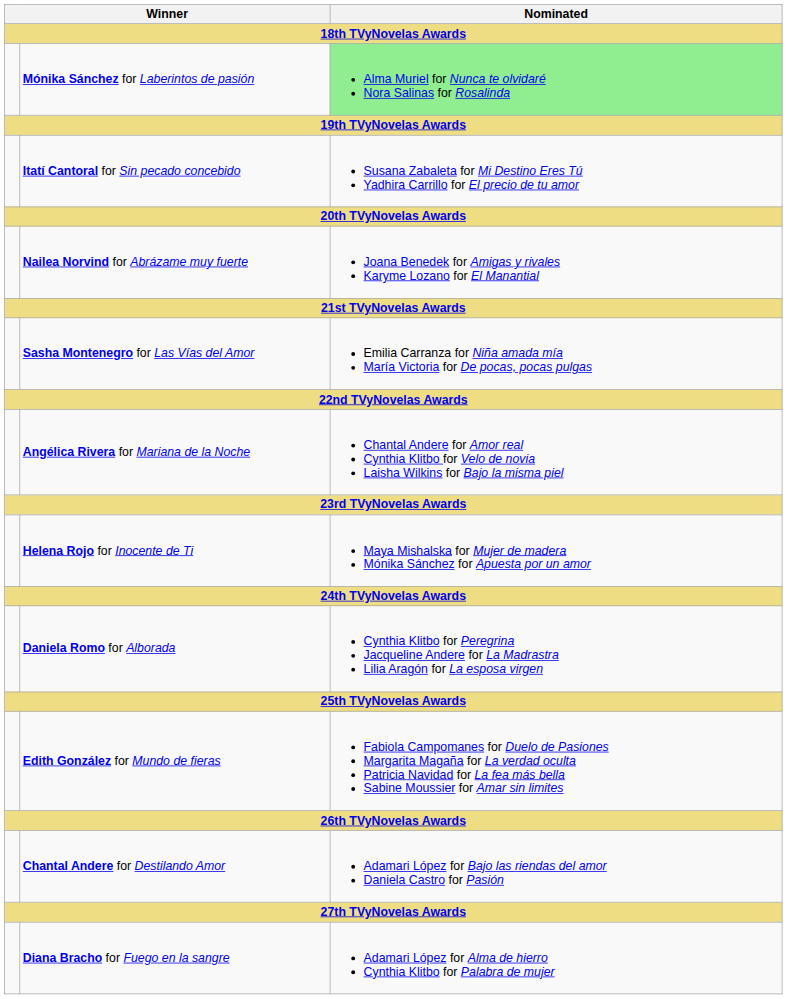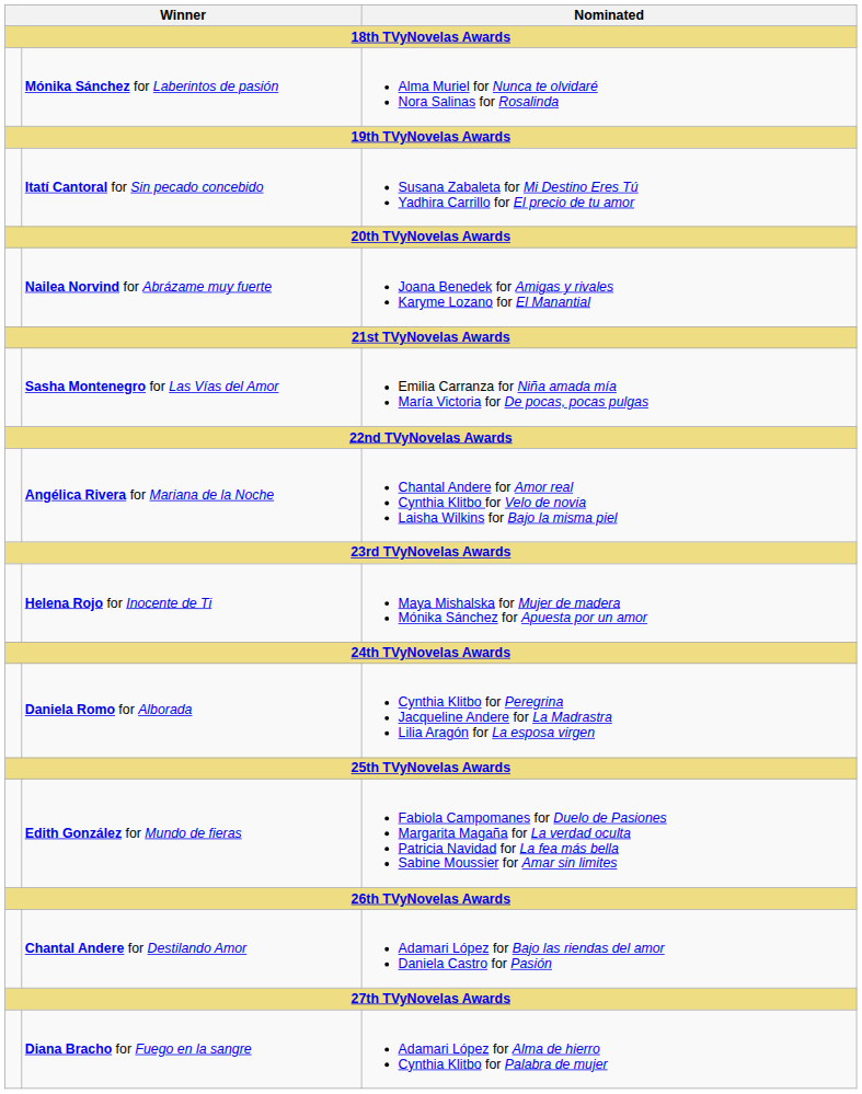 <table class="wikitable" width=80%>
 <tr align=center>
 <th width="150px;" colspan=2; align="center">Winner</th>
 <th width="580px;" align="center">Nominated</th>
 </tr>
 <tr>
 <th colspan=9 style="background:#EEDD82;"  align="center"><strong><a href='#'>18th TVyNovelas Awards</a></strong></th>
 </tr>
 <tr>
 <td width=2%></td>
 <td><strong><a href='#'>Mónika Sánchez</a></strong> for <em><a href='#'>Laberintos de pasión</a></em></td>
-<td style="background: lightgreen;"><br><ul><li><a href='#'>Alma Muriel</a> for <em><a href='#'>Nunca te olvidaré</a></em></li><li><a href='#'>Nora Salinas</a> for <em><a href='#'>Rosalinda</a></em></li></ul></td>
+<td><br><ul><li><a href='#'>Alma Muriel</a> for <em><a href='#'>Nunca te olvidaré</a></em></li><li><a href='#'>Nora Salinas</a> for <em><a href='#'>Rosalinda</a></em></li></ul></td>
 </tr>
 <tr>
 <th colspan=9 style="background:#EEDD82;"  align="center"><strong><a href='#'>19th TVyNovelas Awards</a></strong></th>
 </tr>
 <tr>
 <td width=2%></td>
 <td><strong><a href='#'>Itatí Cantoral</a></strong> for <em><a href='#'>Sin pecado concebido</a></em></td>
 <td><br><ul><li><a href='#'>Susana Zabaleta</a> for <em><a href='#'>Mi Destino Eres Tú</a></em></li><li><a href='#'>Yadhira Carrillo</a> for <em><a href='#'>El precio de tu amor</a></em></li></ul></td>
 </tr>
 <tr>
 <th colspan=9 style="background:#EEDD82;"  align="center"><strong><a href='#'>20th TVyNovelas Awards</a></strong></th>
 </tr>
 <tr>
 <td width=2%></td>
 <td><strong><a href='#'>Nailea Norvind</a></strong> for <em><a href='#'>Abrázame muy fuerte</a></em></td>
 <td><br><ul><li><a href='#'>Joana Benedek</a> for <em><a href='#'>Amigas y rivales</a></em></li><li><a href='#'>Karyme Lozano</a> for <em><a href='#'>El Manantial</a></em></li></ul></td>
 </tr>
 <tr>
 <th colspan=9 style="background:#EEDD82;"  align="center"><strong><a href='#'>21st TVyNovelas Awards</a></strong></th>
 </tr>
 <tr>
 <td width=2%></td>
 <td><strong><a href='#'>Sasha Montenegro</a></strong> for <em><a href='#'>Las Vías del Amor</a></em></td>
 <td><br><ul><li>Emilia Carranza for <em><a href='#'>Niña amada mía</a></em></li><li><a href='#'>María Victoria</a> for <em><a href='#'>De pocas, pocas pulgas</a></em></li></ul></td>
 </tr>
 <tr>
 <th colspan=9 style="background:#EEDD82;"  align="center"><strong><a href='#'>22nd TVyNovelas Awards</a></strong></th>
 </tr>
 <tr>
 <td width=2%></td>
 <td><strong><a href='#'>Angélica Rivera</a></strong> for <em><a href='#'>Mariana de la Noche</a></em></td>
 <td><br><ul><li><a href='#'>Chantal Andere</a> for <em><a href='#'>Amor real</a></em></li><li><a href='#'>Cynthia Klitbo </a> for <em><a href='#'>Velo de novia</a></em></li><li><a href='#'>Laisha Wilkins</a> for <em><a href='#'>Bajo la misma piel</a></em></li></ul></td>
 </tr>
 <tr>
 <th colspan=9 style="background:#EEDD82;"  align="center"><strong><a href='#'>23rd TVyNovelas Awards</a></strong></th>
 </tr>
 <tr>
 <td width=2%></td>
 <td><strong><a href='#'>Helena Rojo</a></strong> for <em><a href='#'>Inocente de Ti</a></em></td>
 <td><br><ul><li><a href='#'>Maya Mishalska</a> for <em><a href='#'>Mujer de madera</a></em></li><li><a href='#'>Mónika Sánchez</a> for <em><a href='#'>Apuesta por un amor</a></em></li></ul></td>
 </tr>
 <tr>
 <th colspan=9 style="background:#EEDD82;"  align="center"><strong><a href='#'>24th TVyNovelas Awards</a></strong></th>
 </tr>
 <tr>
 <td width=2%></td>
 <td><strong><a href='#'>Daniela Romo</a></strong> for <em><a href='#'>Alborada</a></em></td>
 <td><br><ul><li><a href='#'>Cynthia Klitbo</a> for <em><a href='#'>Peregrina</a></em></li><li><a href='#'>Jacqueline Andere</a> for <em><a href='#'>La Madrastra</a></em></li><li><a href='#'>Lilia Aragón</a> for <em><a href='#'>La esposa virgen</a></em></li></ul></td>
 </tr>
 <tr>
 <th colspan=9 style="background:#EEDD82;"  align="center"><strong><a href='#'>25th TVyNovelas Awards</a></strong></th>
 </tr>
 <tr>
 <td width=2%></td>
 <td><strong><a href='#'>Edith González</a></strong> for <em><a href='#'>Mundo de fieras</a></em></td>
 <td><br><ul><li><a href='#'>Fabiola Campomanes</a> for <em><a href='#'>Duelo de Pasiones</a></em></li><li><a href='#'>Margarita Magaña</a> for <em><a href='#'>La verdad oculta</a></em></li><li><a href='#'>Patricia Navidad</a> for <em><a href='#'>La fea más bella</a></em></li><li><a href='#'>Sabine Moussier</a> for <em><a href='#'>Amar sin limites</a></em></li></ul></td>
 </tr>
 <tr>
 <th colspan=9 style="background:#EEDD82;"  align="center"><strong><a href='#'>26th TVyNovelas Awards</a></strong></th>
 </tr>
 <tr>
 <td width=2%></td>
 <td><strong><a href='#'>Chantal Andere</a></strong> for <em><a href='#'>Destilando Amor</a></em></td>
 <td><br><ul><li><a href='#'>Adamari López</a> for <em><a href='#'>Bajo las riendas del amor</a></em></li><li><a href='#'>Daniela Castro</a> for <em><a href='#'>Pasión</a></em></li></ul></td>
 </tr>
 <tr>
 <th colspan=9 style="background:#EEDD82;"  align="center"><strong><a href='#'>27th TVyNovelas Awards</a></strong></th>
 </tr>
 <tr>
 <td width=2%></td>
 <td><strong><a href='#'>Diana Bracho</a></strong> for <em><a href='#'>Fuego en la sangre</a></em></td>
 <td><br><ul><li><a href='#'>Adamari López</a> for <em><a href='#'>Alma de hierro</a></em></li><li><a href='#'>Cynthia Klitbo</a> for <em><a href='#'>Palabra de mujer</a></em></li></ul></td>
 </tr>
 </table>
